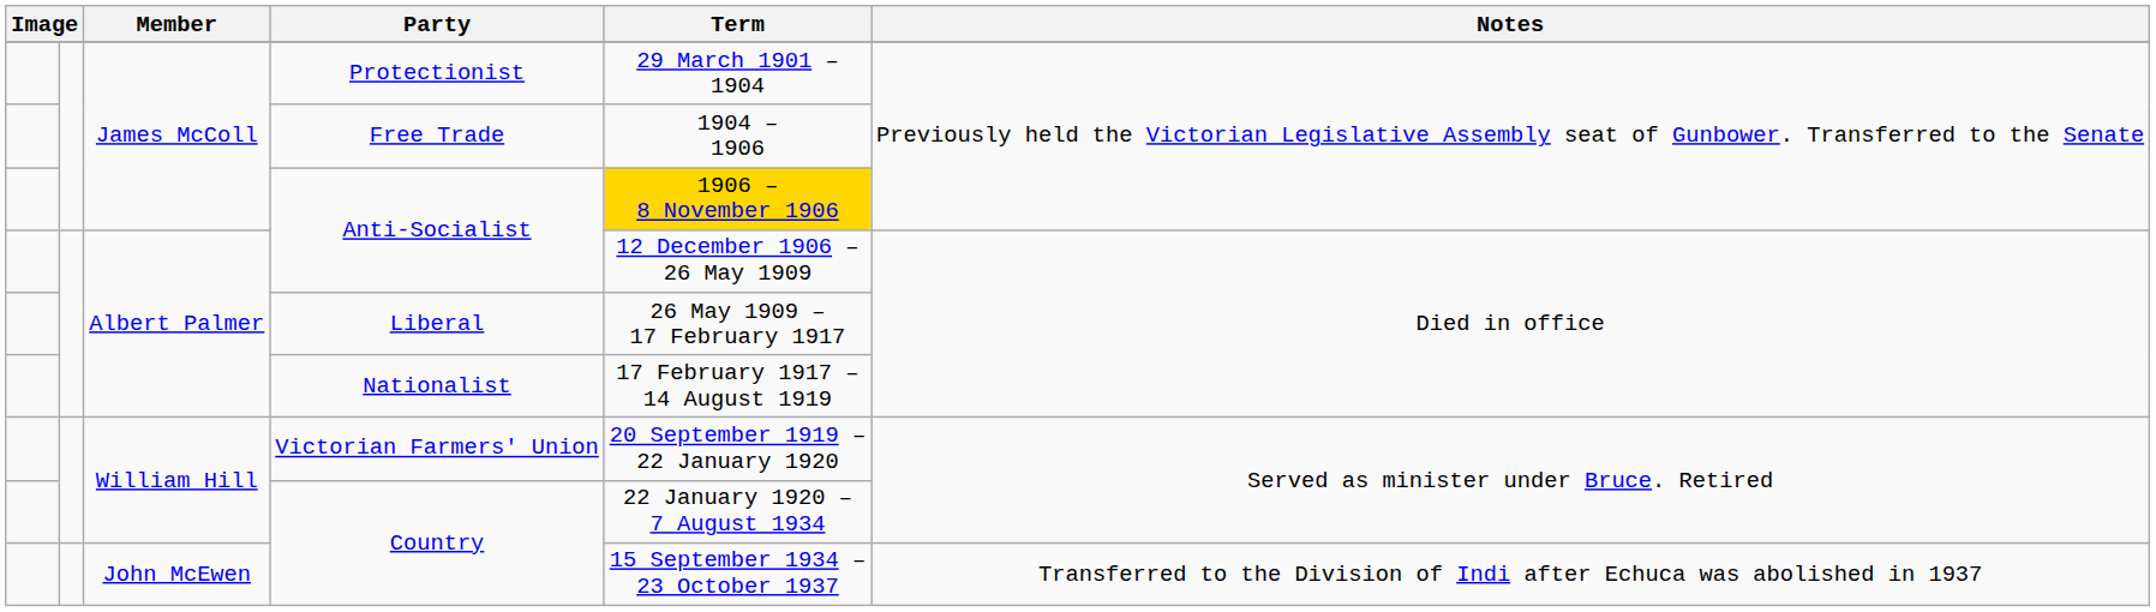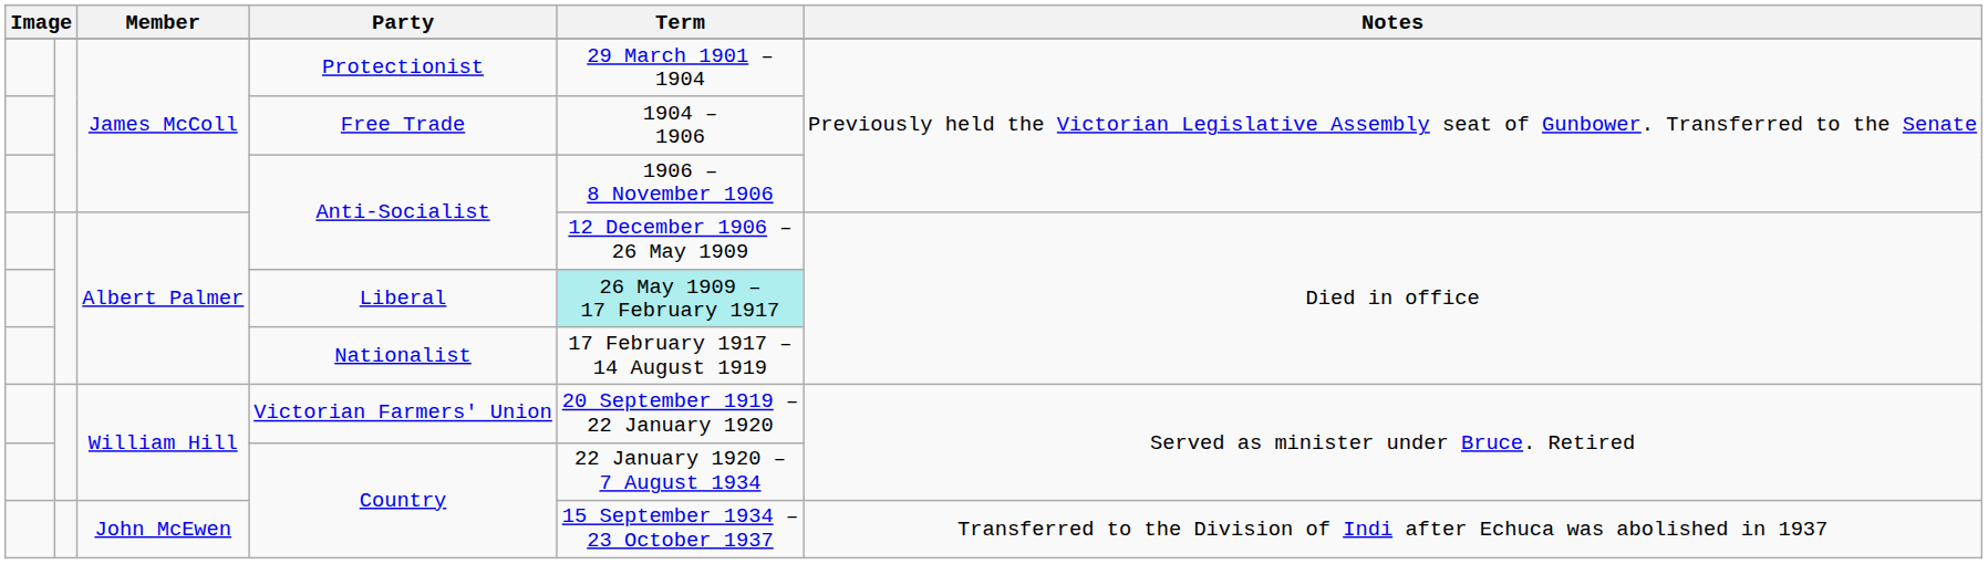 <table class=wikitable style="text-align:center">
 <tr>
 <th colspan=2>Image</th>
 <th>Member</th>
 <th>Party</th>
 <th>Term</th>
 <th>Notes</th>
 </tr>
 <tr>
 </tr>
 <tr>
 <td> </td>
 <td rowspan=3></td>
 <td rowspan=3><a href='#'>James McColl</a><br></td>
 <td><a href='#'>Protectionist</a></td>
 <td nowrap><a href='#'>29 March 1901</a> –<br>1904</td>
 <td rowspan=3>Previously held the <a href='#'>Victorian Legislative Assembly</a> seat of <a href='#'>Gunbower</a>. Transferred to the <a href='#'>Senate</a></td>
 </tr>
 <tr>
 <td> </td>
 <td nowrap><a href='#'>Free Trade</a></td>
 <td nowrap>1904 –<br>1906</td>
 </tr>
 <tr>
 <td> </td>
 <td rowspan="2"><a href='#'>Anti-Socialist</a></td>
-<td nowrap style="background: gold;">1906 –<br><a href='#'>8 November 1906</a></td>
+<td nowrap>1906 –<br><a href='#'>8 November 1906</a></td>
 </tr>
 <tr>
 <td> </td>
 <td rowspan=3></td>
 <td rowspan=3><a href='#'>Albert Palmer</a><br></td>
 <td nowrap><a href='#'>12 December 1906</a> –<br>26 May 1909</td>
 <td rowspan=3>Died in office</td>
 </tr>
 <tr>
 <td> </td>
 <td nowrap><a href='#'>Liberal</a></td>
-<td nowrap>26 May 1909 –<br>17 February 1917</td>
+<td nowrap style="background: paleturquoise;">26 May 1909 –<br>17 February 1917</td>
 </tr>
 <tr>
 <td> </td>
 <td nowrap><a href='#'>Nationalist</a></td>
 <td nowrap>17 February 1917 –<br>14 August 1919</td>
 </tr>
 <tr>
 <td> </td>
 <td rowspan=2></td>
 <td rowspan=2><a href='#'>William Hill</a><br></td>
 <td><a href='#'>Victorian Farmers' Union</a></td>
 <td nowrap><a href='#'>20 September 1919</a> –<br>22 January 1920</td>
 <td rowspan=2>Served as minister under <a href='#'>Bruce</a>. Retired</td>
 </tr>
 <tr>
 <td> </td>
 <td rowspan="2"><a href='#'>Country</a></td>
 <td nowrap>22 January 1920 –<br><a href='#'>7 August 1934</a></td>
 </tr>
 <tr>
 <td> </td>
 <td></td>
 <td><a href='#'>John McEwen</a><br></td>
 <td nowrap><a href='#'>15 September 1934</a> –<br><a href='#'>23 October 1937</a></td>
 <td>Transferred to the Division of <a href='#'>Indi</a> after Echuca was abolished in 1937</td>
 </tr>
 </table>
